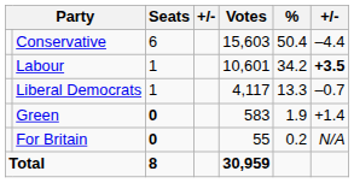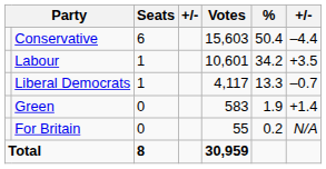 <table class="wikitable sortable">
 <tr>
 <th colspan="2">Party</th>
 <th>Seats</th>
 <th>+/-</th>
 <th>Votes</th>
 <th>%</th>
 <th>+/-</th>
 </tr>
 <tr>
 <td style="background-color: "></td>
 <td><a href='#'>Conservative</a></td>
 <td>6</td>
 <td></td>
 <td style="text-align:right;">15,603</td>
 <td style="text-align:right;">50.4</td>
 <td style="text-align:right;">–4.4</td>
 </tr>
 <tr>
 <td style="background-color: "></td>
 <td><a href='#'>Labour</a></td>
 <td>1</td>
 <td></td>
 <td style="text-align:right;">10,601</td>
 <td style="text-align:right;">34.2</td>
-<td style="text-align:right;"><strong>+3.5</strong></td>
+<td style="text-align:right;">+3.5</td>
 </tr>
 <tr>
 <td style="background-color: "></td>
 <td><a href='#'>Liberal Democrats</a></td>
 <td>1</td>
 <td></td>
 <td style="text-align:right;">4,117</td>
 <td style="text-align:right;">13.3</td>
 <td style="text-align:right;">–0.7</td>
 </tr>
 <tr>
 <td style="background-color: "></td>
 <td><a href='#'>Green</a></td>
-<td><strong>0</strong></td>
+<td>0</td>
 <td></td>
 <td style="text-align:right;">583</td>
 <td style="text-align:right;">1.9</td>
 <td style="text-align:right;">+1.4</td>
 </tr>
 <tr>
 <td style="background-color: "></td>
 <td><a href='#'>For Britain</a></td>
-<td><strong>0</strong></td>
+<td>0</td>
 <td></td>
 <td style="text-align:right;">55</td>
 <td style="text-align:right;">0.2</td>
 <td style="text-align:right;"><em>N/A</em></td>
 </tr>
 <tr>
 <td colspan="2"><strong>Total</strong></td>
 <td><strong>8</strong></td>
 <td></td>
 <td style="text-align:right;"><strong>30,959</strong></td>
 <td style="text-align:right;"></td>
 <td style="text-align:right;"></td>
 </tr>
 </table>
